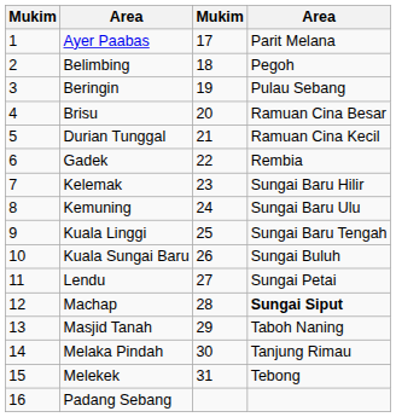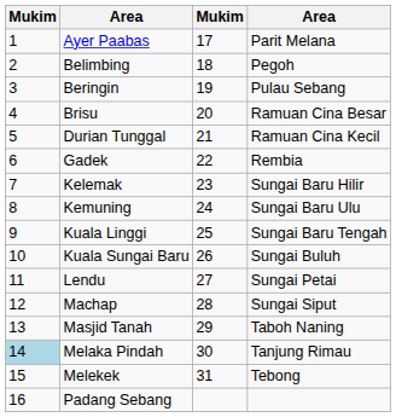 <table class="wikitable">
 <tr>
 <th>Mukim</th>
 <th>Area</th>
 <th>Mukim</th>
 <th>Area</th>
 </tr>
 <tr>
 <td>1</td>
 <td><a href='#'>Ayer Paabas</a></td>
 <td>17</td>
 <td>Parit Melana</td>
 </tr>
 <tr>
 <td>2</td>
 <td>Belimbing</td>
 <td>18</td>
 <td>Pegoh</td>
 </tr>
 <tr>
 <td>3</td>
 <td>Beringin</td>
 <td>19</td>
 <td>Pulau Sebang</td>
 </tr>
 <tr>
 <td>4</td>
 <td>Brisu</td>
 <td>20</td>
 <td>Ramuan Cina Besar</td>
 </tr>
 <tr>
 <td>5</td>
 <td>Durian Tunggal</td>
 <td>21</td>
 <td>Ramuan Cina Kecil</td>
 </tr>
 <tr>
 <td>6</td>
 <td>Gadek</td>
 <td>22</td>
 <td>Rembia</td>
 </tr>
 <tr>
 <td>7</td>
 <td>Kelemak</td>
 <td>23</td>
 <td>Sungai Baru Hilir</td>
 </tr>
 <tr>
 <td>8</td>
 <td>Kemuning</td>
 <td>24</td>
 <td>Sungai Baru Ulu</td>
 </tr>
 <tr>
 <td>9</td>
 <td>Kuala Linggi</td>
 <td>25</td>
 <td>Sungai Baru Tengah</td>
 </tr>
 <tr>
 <td>10</td>
 <td>Kuala Sungai Baru</td>
 <td>26</td>
 <td>Sungai Buluh</td>
 </tr>
 <tr>
 <td>11</td>
 <td>Lendu</td>
 <td>27</td>
 <td>Sungai Petai</td>
 </tr>
 <tr>
 <td>12</td>
 <td>Machap</td>
 <td>28</td>
-<td><strong>Sungai Siput</strong></td>
+<td>Sungai Siput</td>
 </tr>
 <tr>
 <td>13</td>
 <td>Masjid Tanah</td>
 <td>29</td>
 <td>Taboh Naning</td>
 </tr>
 <tr>
-<td>14</td>
+<td style="background: lightblue;">14</td>
 <td>Melaka Pindah</td>
 <td>30</td>
 <td>Tanjung Rimau</td>
 </tr>
 <tr>
 <td>15</td>
 <td>Melekek</td>
 <td>31</td>
 <td>Tebong</td>
 </tr>
 <tr>
 <td>16</td>
 <td>Padang Sebang</td>
 <td></td>
 <td></td>
 </tr>
 </table>
